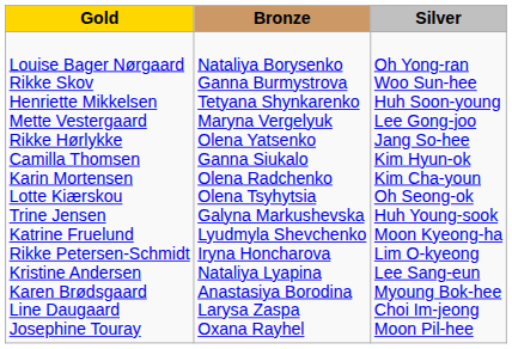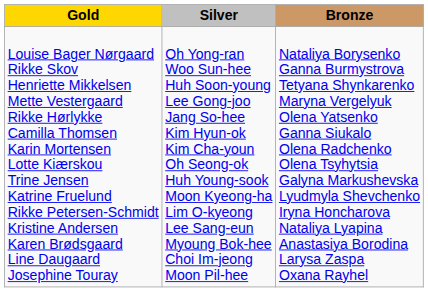 <table class="wikitable">
 <tr>
 <th style="background:gold">Gold</th>
+<th style="background:silver">Silver</th>
 <th style="background:#CC9966">Bronze</th>
-<th style="background:silver">Silver</th>
 </tr>
 <tr>
 <td><br><a href='#'>Louise Bager Nørgaard</a><br><a href='#'>Rikke Skov</a><br><a href='#'>Henriette Mikkelsen</a><br><a href='#'>Mette Vestergaard</a><br><a href='#'>Rikke Hørlykke</a><br><a href='#'>Camilla Thomsen</a><br><a href='#'>Karin Mortensen</a><br><a href='#'>Lotte Kiærskou</a><br><a href='#'>Trine Jensen</a><br><a href='#'>Katrine Fruelund</a><br><a href='#'>Rikke Petersen-Schmidt</a><br><a href='#'>Kristine Andersen</a><br><a href='#'>Karen Brødsgaard</a><br><a href='#'>Line Daugaard</a><br><a href='#'>Josephine Touray</a></td>
+<td><br><a href='#'>Oh Yong-ran</a><br><a href='#'>Woo Sun-hee</a><br><a href='#'>Huh Soon-young</a><br><a href='#'>Lee Gong-joo</a><br><a href='#'>Jang So-hee</a><br><a href='#'>Kim Hyun-ok</a><br><a href='#'>Kim Cha-youn</a><br><a href='#'>Oh Seong-ok</a><br><a href='#'>Huh Young-sook</a><br><a href='#'>Moon Kyeong-ha</a><br><a href='#'>Lim O-kyeong</a><br><a href='#'>Lee Sang-eun</a><br><a href='#'>Myoung Bok-hee</a><br><a href='#'>Choi Im-jeong</a><br><a href='#'>Moon Pil-hee</a></td>
 <td><br><a href='#'>Nataliya Borysenko</a><br><a href='#'>Ganna Burmystrova</a><br><a href='#'>Tetyana Shynkarenko</a><br><a href='#'>Maryna Vergelyuk</a><br><a href='#'>Olena Yatsenko</a><br><a href='#'>Ganna Siukalo</a><br><a href='#'>Olena Radchenko</a><br><a href='#'>Olena Tsyhytsia</a><br><a href='#'>Galyna Markushevska</a><br><a href='#'>Lyudmyla Shevchenko</a><br><a href='#'>Iryna Honcharova</a><br><a href='#'>Nataliya Lyapina</a><br><a href='#'>Anastasiya Borodina</a><br><a href='#'>Larysa Zaspa</a><br><a href='#'>Oxana Rayhel</a></td>
-<td><br><a href='#'>Oh Yong-ran</a><br><a href='#'>Woo Sun-hee</a><br><a href='#'>Huh Soon-young</a><br><a href='#'>Lee Gong-joo</a><br><a href='#'>Jang So-hee</a><br><a href='#'>Kim Hyun-ok</a><br><a href='#'>Kim Cha-youn</a><br><a href='#'>Oh Seong-ok</a><br><a href='#'>Huh Young-sook</a><br><a href='#'>Moon Kyeong-ha</a><br><a href='#'>Lim O-kyeong</a><br><a href='#'>Lee Sang-eun</a><br><a href='#'>Myoung Bok-hee</a><br><a href='#'>Choi Im-jeong</a><br><a href='#'>Moon Pil-hee</a></td>
 </tr>
 </table>
